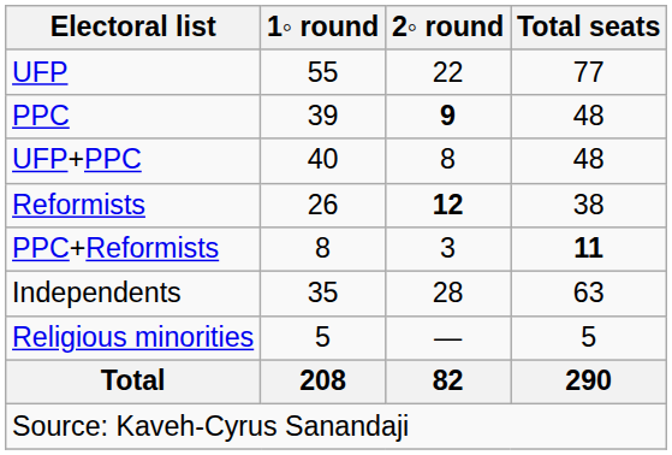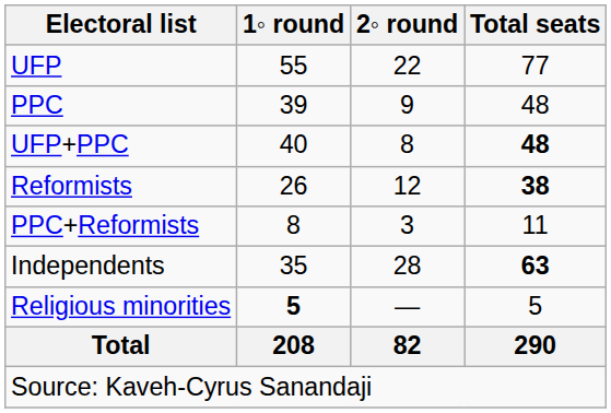 <table class=wikitable style=text-align:center>
 <tr>
 <th>Electoral list</th>
 <th>1◦ round</th>
 <th>2◦ round</th>
 <th>Total seats</th>
 </tr>
 <tr>
 <td align=left><a href='#'>UFP</a></td>
 <td>55</td>
 <td>22</td>
 <td>77</td>
 </tr>
 <tr>
 <td align=left><a href='#'>PPC</a></td>
 <td>39</td>
-<td><strong>9</strong></td>
+<td>9</td>
 <td>48</td>
 </tr>
 <tr>
 <td align=left><a href='#'>UFP</a>+<a href='#'>PPC</a></td>
 <td>40</td>
 <td>8</td>
-<td>48</td>
+<td><strong>48</strong></td>
 </tr>
 <tr>
 <td align=left><a href='#'>Reformists</a></td>
 <td>26</td>
-<td><strong>12</strong></td>
-<td>38</td>
+<td>12</td>
+<td><strong>38</strong></td>
 </tr>
 <tr>
 <td align=left><a href='#'>PPC</a>+<a href='#'>Reformists</a></td>
 <td>8</td>
 <td>3</td>
-<td><strong>11</strong></td>
+<td>11</td>
 </tr>
 <tr>
 <td align=left>Independents</td>
 <td>35</td>
 <td>28</td>
-<td>63</td>
+<td><strong>63</strong></td>
 </tr>
 <tr>
 <td align=left><a href='#'>Religious minorities</a></td>
-<td>5</td>
+<td><strong>5</strong></td>
 <td>—</td>
 <td>5</td>
 </tr>
 <tr>
 <th align=left>Total</th>
 <th>208</th>
 <th>82</th>
 <th>290</th>
 </tr>
 <tr>
 <td colspan=4 align=left>Source: Kaveh-Cyrus Sanandaji</td>
 </tr>
 </table>
